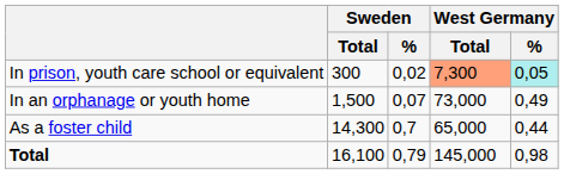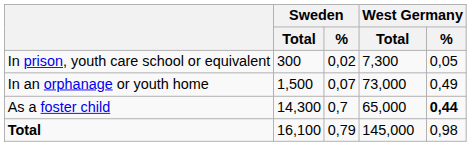 <table class="wikitable">
 <tr>
 <th rowspan="2"></th>
 <th colspan="2">Sweden</th>
 <th colspan="2">West Germany</th>
 </tr>
 <tr>
 <th>Total</th>
 <th>%</th>
 <th>Total</th>
 <th>%</th>
 </tr>
 <tr>
 <td>In <a href='#'>prison</a>, youth care school or equivalent</td>
 <td>300</td>
 <td>0,02</td>
-<td style="background: lightsalmon;">7,300</td>
-<td style="background: paleturquoise;">0,05</td>
+<td>7,300</td>
+<td>0,05</td>
 </tr>
 <tr>
 <td>In an <a href='#'>orphanage</a> or youth home</td>
 <td>1,500</td>
 <td>0,07</td>
 <td>73,000</td>
 <td>0,49</td>
 </tr>
 <tr>
 <td>As a <a href='#'>foster child</a></td>
 <td>14,300</td>
 <td>0,7</td>
 <td>65,000</td>
-<td>0,44</td>
+<td><strong>0,44</strong></td>
 </tr>
 <tr>
 <td><strong>Total</strong></td>
 <td>16,100</td>
 <td>0,79</td>
 <td>145,000</td>
 <td>0,98</td>
 </tr>
 </table>
